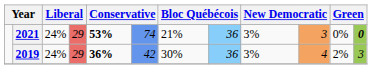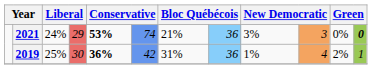 <table class="wikitable" style="float:right; width:400; font-size:90%; margin-left:1em;">
 <tr>
 <th colspan="2" scope="col">Year</th>
 <th colspan="2" scope="col"><a href='#'>Liberal</a></th>
 <th colspan="2" scope="col"><a href='#'>Conservative</a></th>
 <th colspan="2" scope="col"><a href='#'>Bloc Québécois</a></th>
 <th colspan="2" scope="col"><a href='#'>New Democratic</a></th>
 <th colspan="2" scope="col"><a href='#'>Green</a></th>
 </tr>
 <tr>
 <td rowspan="2" style="width: 0.25em; background-color: "></td>
 <th><a href='#'>2021</a></th>
 <td>24%</td>
 <td style="text-align:right; background:#EA6D6A;"><em>29</em></td>
 <td><strong>53%</strong></td>
 <td style="text-align:right; background:#6495ED;"><em>74</em></td>
 <td>21%</td>
 <td style="text-align:right; background:#87CEFA;"><em>36</em></td>
 <td>3%</td>
 <td style="text-align:right; background:#F4A460;"><em>3</em></td>
 <td>0%</td>
 <td style="text-align:right; background:#99C955;"><strong><em>0</em></strong></td>
 </tr>
 <tr>
 <th><a href='#'>2019</a></th>
-<td>24%</td>
-<td style="text-align:right; background:#EA6D6A;"><em>29</em></td>
+<td>25%</td>
+<td style="text-align:right; background:#EA6D6A;"><em>30</em></td>
 <td><strong>36%</strong></td>
 <td style="text-align:right; background:#6495ED;"><em>42</em></td>
-<td>30%</td>
+<td>31%</td>
 <td style="text-align:right; background:#87CEFA;"><em>36</em></td>
-<td>3%</td>
+<td>1%</td>
 <td style="text-align:right; background:#F4A460;"><em>4</em></td>
 <td>2%</td>
-<td style="text-align:right; background:#99C955;"><em>3</em></td>
+<td style="text-align:right; background:#99C955;"><em>1</em></td>
 </tr>
 <tr>
 </tr>
 </table>
